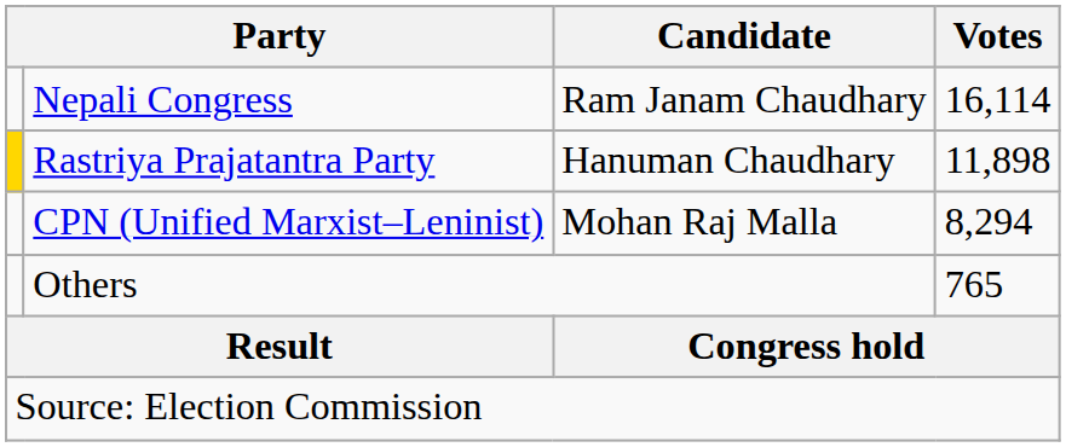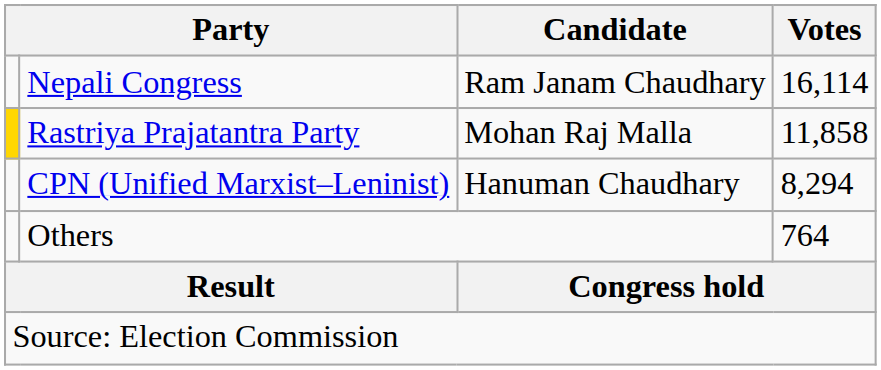 <table class="wikitable">
 <tr>
 <th colspan="2">Party</th>
 <th>Candidate</th>
 <th>Votes</th>
 </tr>
 <tr>
 <td style="background-color:"></td>
 <td><a href='#'>Nepali Congress</a></td>
 <td>Ram Janam Chaudhary</td>
 <td>16,114</td>
 </tr>
 <tr>
 <td style="background-color:gold"></td>
 <td><a href='#'>Rastriya Prajatantra Party</a></td>
-<td>Hanuman Chaudhary</td>
-<td>11,898</td>
+<td>Mohan Raj Malla</td>
+<td>11,858</td>
 </tr>
 <tr>
 <td style="background-color:"></td>
 <td><a href='#'>CPN (Unified Marxist–Leninist)</a></td>
-<td>Mohan Raj Malla</td>
+<td>Hanuman Chaudhary</td>
 <td>8,294</td>
 </tr>
 <tr>
 <td></td>
 <td colspan="2">Others</td>
-<td>765</td>
+<td>764</td>
 </tr>
 <tr>
 <th colspan="2">Result</th>
 <th colspan="2">Congress hold</th>
 </tr>
 <tr>
 <td colspan="4">Source: Election Commission</td>
 </tr>
 </table>
